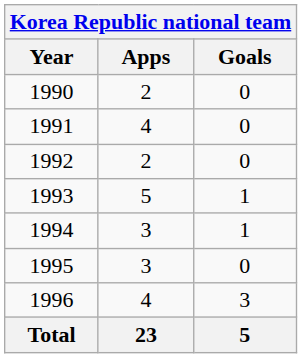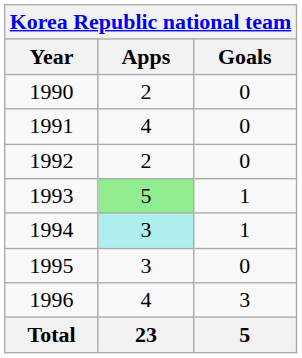 <table class="wikitable" style="text-align:center">
 <tr>
 <th colspan=3><a href='#'>Korea Republic national team</a></th>
 </tr>
 <tr>
 <th>Year</th>
 <th>Apps</th>
 <th>Goals</th>
 </tr>
 <tr>
 <td>1990</td>
 <td>2</td>
 <td>0</td>
 </tr>
 <tr>
 <td>1991</td>
 <td>4</td>
 <td>0</td>
 </tr>
 <tr>
 <td>1992</td>
 <td>2</td>
 <td>0</td>
 </tr>
 <tr>
 <td>1993</td>
-<td>5</td>
+<td style="background: lightgreen;">5</td>
 <td>1</td>
 </tr>
 <tr>
 <td>1994</td>
-<td>3</td>
+<td style="background: paleturquoise;">3</td>
 <td>1</td>
 </tr>
 <tr>
 <td>1995</td>
 <td>3</td>
 <td>0</td>
 </tr>
 <tr>
 <td>1996</td>
 <td>4</td>
 <td>3</td>
 </tr>
 <tr>
 <th>Total</th>
 <th>23</th>
 <th>5</th>
 </tr>
 </table>
